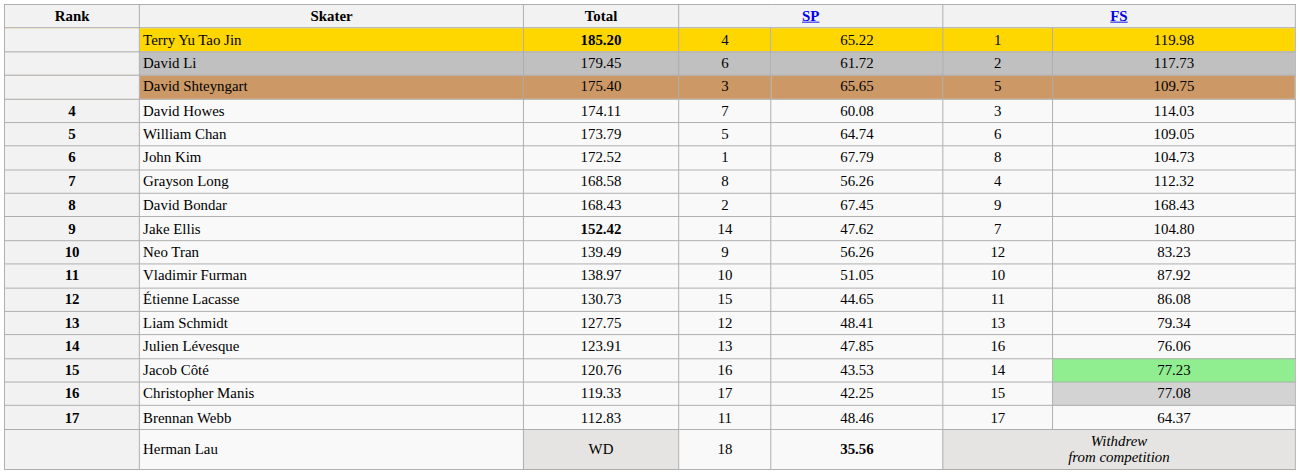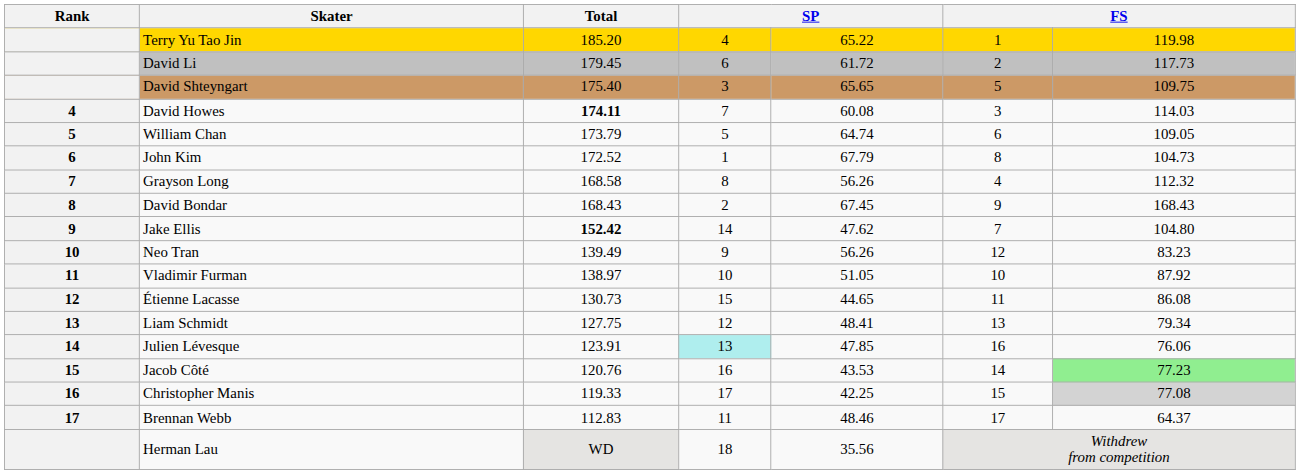 <table class="wikitable sortable" style="text-align:center; width:70%">
 <tr>
 <th scope="col">Rank</th>
 <th scope="col">Skater</th>
 <th scope="col">Total</th>
 <th scope="col" colspan="2" width="80px"><a href='#'>SP</a></th>
 <th scope="col" colspan="2" width="80px"><a href='#'>FS</a></th>
 </tr>
 <tr bgcolor="gold">
 <th scope="row"></th>
 <td align="left">Terry Yu Tao Jin</td>
-<td><strong>185.20</strong></td>
+<td>185.20</td>
 <td>4</td>
 <td>65.22</td>
 <td>1</td>
 <td>119.98</td>
 </tr>
 <tr bgcolor="silver">
 <th scope="row"></th>
 <td align="left">David Li</td>
 <td>179.45</td>
 <td>6</td>
 <td>61.72</td>
 <td>2</td>
 <td>117.73</td>
 </tr>
 <tr bgcolor="cc9966">
 <th scope="row"></th>
 <td align="left">David Shteyngart</td>
 <td>175.40</td>
 <td>3</td>
 <td>65.65</td>
 <td>5</td>
 <td>109.75</td>
 </tr>
 <tr>
 <th scope="row">4</th>
 <td align="left">David Howes</td>
-<td>174.11</td>
+<td><strong>174.11</strong></td>
 <td>7</td>
 <td>60.08</td>
 <td>3</td>
 <td>114.03</td>
 </tr>
 <tr>
 <th scope="row">5</th>
 <td align="left">William Chan</td>
 <td>173.79</td>
 <td>5</td>
 <td>64.74</td>
 <td>6</td>
 <td>109.05</td>
 </tr>
 <tr>
 <th scope="row">6</th>
 <td align="left">John Kim</td>
 <td>172.52</td>
 <td>1</td>
 <td>67.79</td>
 <td>8</td>
 <td>104.73</td>
 </tr>
 <tr>
 <th scope="row">7</th>
 <td align="left">Grayson Long</td>
 <td>168.58</td>
 <td>8</td>
 <td>56.26</td>
 <td>4</td>
 <td>112.32</td>
 </tr>
 <tr>
 <th scope="row">8</th>
 <td align="left">David Bondar</td>
 <td>168.43</td>
 <td>2</td>
 <td>67.45</td>
 <td>9</td>
 <td>168.43</td>
 </tr>
 <tr>
 <th scope="row">9</th>
 <td align="left">Jake Ellis</td>
 <td><strong>152.42</strong></td>
 <td>14</td>
 <td>47.62</td>
 <td>7</td>
 <td>104.80</td>
 </tr>
 <tr>
 <th scope="row">10</th>
 <td align="left">Neo Tran</td>
 <td>139.49</td>
 <td>9</td>
 <td>56.26</td>
 <td>12</td>
 <td>83.23</td>
 </tr>
 <tr>
 <th scope="row">11</th>
 <td align="left">Vladimir Furman</td>
 <td>138.97</td>
 <td>10</td>
 <td>51.05</td>
 <td>10</td>
 <td>87.92</td>
 </tr>
 <tr>
 <th scope="row">12</th>
 <td align="left">Étienne Lacasse</td>
 <td>130.73</td>
 <td>15</td>
 <td>44.65</td>
 <td>11</td>
 <td>86.08</td>
 </tr>
 <tr>
 <th scope="row">13</th>
 <td align="left">Liam Schmidt</td>
 <td>127.75</td>
 <td>12</td>
 <td>48.41</td>
 <td>13</td>
 <td>79.34</td>
 </tr>
 <tr>
 <th scope="row">14</th>
 <td align="left">Julien Lévesque</td>
 <td>123.91</td>
-<td>13</td>
+<td style="background: paleturquoise;">13</td>
 <td>47.85</td>
 <td>16</td>
 <td>76.06</td>
 </tr>
 <tr>
 <th scope="row">15</th>
 <td align="left">Jacob Côté</td>
 <td>120.76</td>
 <td>16</td>
 <td>43.53</td>
 <td>14</td>
 <td style="background: lightgreen;">77.23</td>
 </tr>
 <tr>
 <th scope="row">16</th>
 <td align="left">Christopher Manis</td>
 <td>119.33</td>
 <td>17</td>
 <td>42.25</td>
 <td>15</td>
 <td style="background: lightgrey;">77.08</td>
 </tr>
 <tr>
 <th scope="row">17</th>
 <td align="left">Brennan Webb</td>
 <td>112.83</td>
 <td>11</td>
 <td>48.46</td>
 <td>17</td>
 <td>64.37</td>
 </tr>
 <tr>
 <th scope="row"></th>
 <td align="left">Herman Lau</td>
 <td bgcolor="e5e4e2">WD</td>
 <td>18</td>
-<td><strong>35.56</strong></td>
+<td>35.56</td>
 <td colspan="2" bgcolor="e5e4e2"><em>Withdrew<br>from competition</em></td>
 </tr>
 </table>
